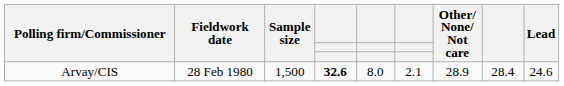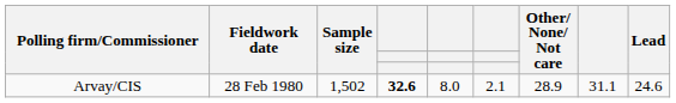 <table class="wikitable collapsible collapsed" style="text-align:center; font-size:90%; line-height:14px;">
 <tr style="height:42px;">
 <th style="width:250px;" rowspan="3">Polling firm/Commissioner</th>
 <th style="width:125px;" rowspan="3">Fieldwork date</th>
 <th style="width:50px;" rowspan="3">Sample size</th>
 <th style="width:55px;"></th>
 <th style="width:55px;"></th>
 <th style="width:55px;"></th>
 <th style="width:55px;" rowspan="3">Other/<br>None/<br>Not<br>care</th>
 <th style="width:55px;" rowspan="3"></th>
 <th style="width:30px;" rowspan="3">Lead</th>
 </tr>
 <tr>
 <th style="color:inherit;background:"></th>
 <th style="color:inherit;background:"></th>
 <th style="color:inherit;background:"></th>
 </tr>
 <tr>
 <th></th>
 <th></th>
 <th></th>
 </tr>
 <tr>
 <td>Arvay/CIS</td>
 <td>28 Feb 1980</td>
-<td>1,500</td>
+<td>1,502</td>
 <td><strong>32.6</strong></td>
 <td>8.0</td>
 <td>2.1</td>
 <td>28.9</td>
-<td>28.4</td>
+<td>31.1</td>
 <td style="background:">24.6</td>
 </tr>
 </table>
